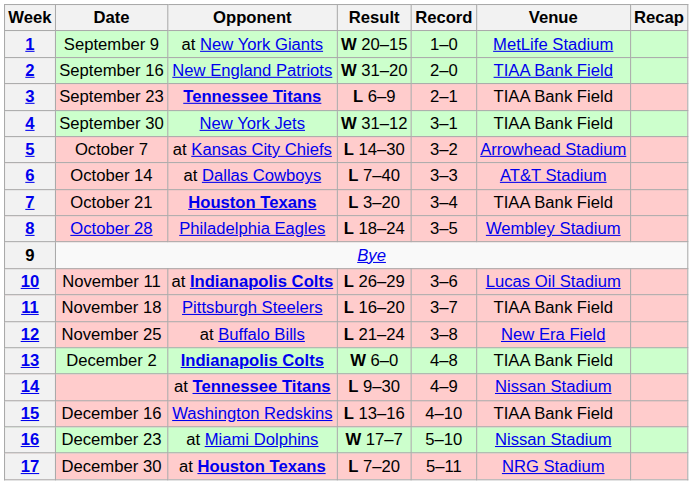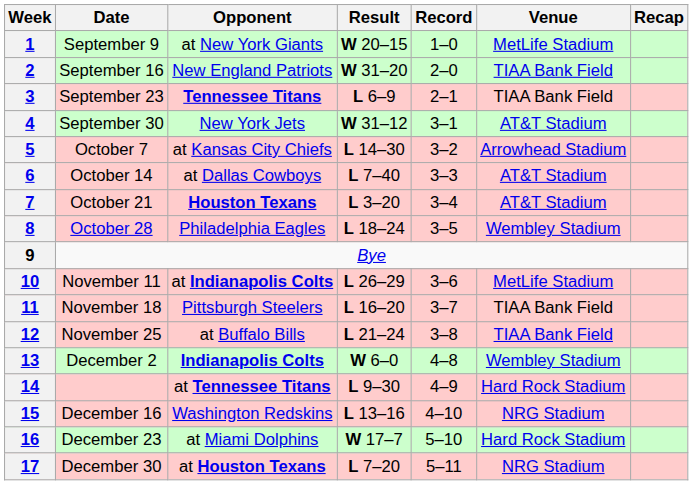 <table class="wikitable" style="text-align:center">
 <tr>
 <th>Week</th>
 <th>Date</th>
 <th>Opponent</th>
 <th>Result</th>
 <th>Record</th>
 <th>Venue</th>
 <th>Recap</th>
 </tr>
 <tr style="background:#cfc">
 <th><a href='#'>1</a></th>
 <td>September 9</td>
 <td>at <a href='#'>New York Giants</a></td>
 <td><strong>W</strong> 20–15</td>
 <td>1–0</td>
 <td><a href='#'>MetLife Stadium</a></td>
 <td></td>
 </tr>
 <tr style="background:#cfc">
 <th><a href='#'>2</a></th>
 <td>September 16</td>
 <td><a href='#'>New England Patriots</a></td>
 <td><strong>W</strong> 31–20</td>
 <td>2–0</td>
 <td><a href='#'>TIAA Bank Field</a></td>
 <td></td>
 </tr>
 <tr style="background:#fcc">
 <th><a href='#'>3</a></th>
 <td>September 23</td>
 <td><strong><a href='#'>Tennessee Titans</a></strong></td>
 <td><strong>L</strong> 6–9</td>
 <td>2–1</td>
 <td>TIAA Bank Field</td>
 <td></td>
 </tr>
 <tr style="background:#cfc">
 <th><a href='#'>4</a></th>
 <td>September 30</td>
 <td><a href='#'>New York Jets</a></td>
 <td><strong>W</strong> 31–12</td>
 <td>3–1</td>
-<td>TIAA Bank Field</td>
+<td><a href='#'>AT&T Stadium</a></td>
 <td></td>
 </tr>
 <tr style="background:#fcc">
 <th><a href='#'>5</a></th>
 <td>October 7</td>
 <td>at <a href='#'>Kansas City Chiefs</a></td>
 <td><strong>L</strong> 14–30</td>
 <td>3–2</td>
 <td><a href='#'>Arrowhead Stadium</a></td>
 <td></td>
 </tr>
 <tr style="background:#fcc">
 <th><a href='#'>6</a></th>
 <td>October 14</td>
 <td>at <a href='#'>Dallas Cowboys</a></td>
 <td><strong>L</strong> 7–40</td>
 <td>3–3</td>
 <td><a href='#'>AT&T Stadium</a></td>
 <td></td>
 </tr>
 <tr style="background:#fcc">
 <th><a href='#'>7</a></th>
 <td>October 21</td>
 <td><strong><a href='#'>Houston Texans</a></strong></td>
 <td><strong>L</strong> 3–20</td>
 <td>3–4</td>
-<td>TIAA Bank Field</td>
+<td><a href='#'>AT&T Stadium</a></td>
 <td></td>
 </tr>
 <tr style="background:#fcc">
 <th><a href='#'>8</a></th>
 <td><a href='#'>October 28</a></td>
 <td><a href='#'>Philadelphia Eagles</a></td>
 <td><strong>L</strong> 18–24</td>
 <td>3–5</td>
 <td> <a href='#'>Wembley Stadium</a> </td>
 <td></td>
 </tr>
 <tr>
 <th>9</th>
 <td colspan=6><em><a href='#'>Bye</a></em></td>
 </tr>
 <tr style="background:#fcc">
 <th><a href='#'>10</a></th>
 <td>November 11</td>
 <td>at <strong><a href='#'>Indianapolis Colts</a></strong></td>
 <td><strong>L</strong> 26–29</td>
 <td>3–6</td>
-<td><a href='#'>Lucas Oil Stadium</a></td>
+<td><a href='#'>MetLife Stadium</a></td>
 <td></td>
 </tr>
 <tr style="background:#fcc">
 <th><a href='#'>11</a></th>
 <td>November 18</td>
 <td><a href='#'>Pittsburgh Steelers</a></td>
 <td><strong>L</strong> 16–20</td>
 <td>3–7</td>
 <td>TIAA Bank Field</td>
 <td></td>
 </tr>
 <tr style="background:#fcc">
 <th><a href='#'>12</a></th>
 <td>November 25</td>
 <td>at <a href='#'>Buffalo Bills</a></td>
 <td><strong>L</strong> 21–24</td>
 <td>3–8</td>
-<td><a href='#'>New Era Field</a></td>
+<td><a href='#'>TIAA Bank Field</a></td>
 <td></td>
 </tr>
 <tr style="background:#cfc">
 <th><a href='#'>13</a></th>
 <td>December 2</td>
 <td><strong><a href='#'>Indianapolis Colts</a></strong></td>
 <td><strong>W</strong> 6–0</td>
 <td>4–8</td>
-<td>TIAA Bank Field</td>
+<td> <a href='#'>Wembley Stadium</a> </td>
 <td></td>
 </tr>
 <tr style="background:#fcc">
 <th><a href='#'>14</a></th>
 <td></td>
 <td>at <strong><a href='#'>Tennessee Titans</a></strong></td>
 <td><strong>L</strong> 9–30</td>
 <td>4–9</td>
-<td><a href='#'>Nissan Stadium</a></td>
+<td><a href='#'>Hard Rock Stadium</a></td>
 <td></td>
 </tr>
 <tr style="background:#fcc">
 <th><a href='#'>15</a></th>
 <td>December 16</td>
 <td><a href='#'>Washington Redskins</a></td>
 <td><strong>L</strong> 13–16</td>
 <td>4–10</td>
-<td>TIAA Bank Field</td>
+<td><a href='#'>NRG Stadium</a></td>
 <td></td>
 </tr>
 <tr style="background:#cfc">
 <th><a href='#'>16</a></th>
 <td>December 23</td>
 <td>at <a href='#'>Miami Dolphins</a></td>
 <td><strong>W</strong> 17–7</td>
 <td>5–10</td>
-<td><a href='#'>Nissan Stadium</a></td>
+<td><a href='#'>Hard Rock Stadium</a></td>
 <td></td>
 </tr>
 <tr style="background:#fcc">
 <th><a href='#'>17</a></th>
 <td>December 30</td>
 <td>at <strong><a href='#'>Houston Texans</a></strong></td>
 <td><strong>L</strong> 7–20</td>
 <td>5–11</td>
 <td><a href='#'>NRG Stadium</a></td>
 <td></td>
 </tr>
 </table>
